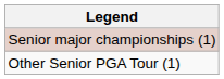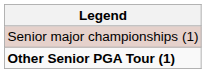 <table class="wikitable" style="font-size:95%;">
 <tr>
 <th>Legend</th>
 </tr>
 <tr style="background:#e5d1cb;">
 <td>Senior major championships (1)</td>
 </tr>
 <tr>
-<td>Other Senior PGA Tour (1)</td>
+<td><strong>Other Senior PGA Tour (1)</strong></td>
 </tr>
 </table>
